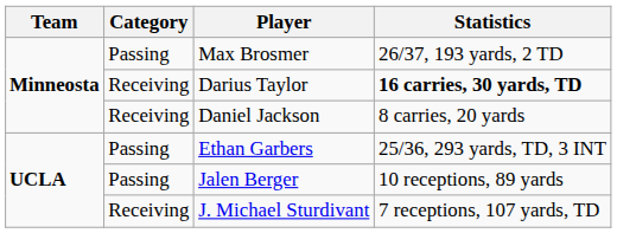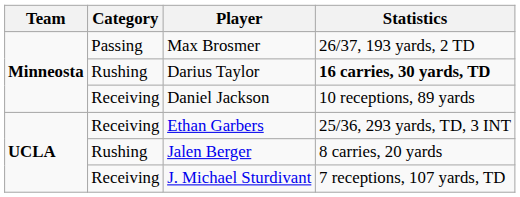 <table class="wikitable" style="float: right;">
 <tr>
 <th>Team</th>
 <th>Category</th>
 <th>Player</th>
 <th>Statistics</th>
 </tr>
 <tr>
 <td rowspan=3><strong>Minneosta</strong></td>
 <td>Passing</td>
 <td>Max Brosmer</td>
 <td>26/37, 193 yards, 2 TD</td>
 </tr>
 <tr>
-<td>Receiving</td>
+<td>Rushing</td>
 <td>Darius Taylor</td>
 <td><strong>16 carries, 30 yards, TD</strong></td>
 </tr>
 <tr>
 <td>Receiving</td>
 <td>Daniel Jackson</td>
-<td>8 carries, 20 yards</td>
+<td>10 receptions, 89 yards</td>
 </tr>
 <tr>
 <td rowspan=3><strong>UCLA</strong></td>
-<td>Passing</td>
+<td>Receiving</td>
 <td><a href='#'>Ethan Garbers</a></td>
 <td>25/36, 293 yards, TD, 3 INT</td>
 </tr>
 <tr>
-<td>Passing</td>
+<td>Rushing</td>
 <td><a href='#'>Jalen Berger</a></td>
-<td>10 receptions, 89 yards</td>
+<td>8 carries, 20 yards</td>
 </tr>
 <tr>
 <td>Receiving</td>
 <td><a href='#'>J. Michael Sturdivant</a></td>
 <td>7 receptions, 107 yards, TD</td>
 </tr>
 </table>
